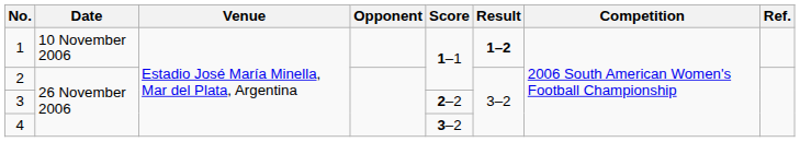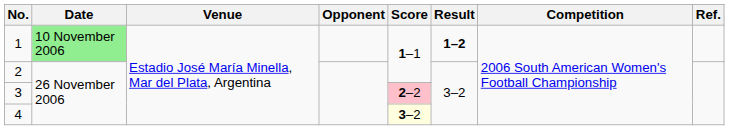 <table class="wikitable">
 <tr>
 <th>No.</th>
 <th>Date</th>
 <th>Venue</th>
 <th>Opponent</th>
 <th>Score</th>
 <th>Result</th>
 <th>Competition</th>
 <th>Ref.</th>
 </tr>
 <tr>
 <td style="text-align:center;">1</td>
-<td>10 November 2006</td>
+<td style="background: lightgreen;">10 November 2006</td>
 <td rowspan=4><a href='#'>Estadio José María Minella</a>, <a href='#'>Mar del Plata</a>, Argentina</td>
 <td></td>
 <td rowspan=2 style="text-align:center;"><strong>1</strong>–1</td>
 <td style="text-align:center;"><strong>1–2</strong></td>
 <td rowspan=4><a href='#'>2006 South American Women's Football Championship</a></td>
 <td></td>
 </tr>
 <tr>
 <td style="text-align:center;">2</td>
 <td rowspan=3>26 November 2006</td>
 <td rowspan=3></td>
 <td rowspan=3 style="text-align:center;">3–2</td>
 <td rowspan=3></td>
 </tr>
 <tr style="text-align:center;">
 <td>3</td>
-<td><strong>2</strong>–2</td>
+<td style="background: pink;"><strong>2</strong>–2</td>
 </tr>
 <tr style="text-align:center;">
 <td>4</td>
-<td><strong>3</strong>–2</td>
+<td style="background: lightyellow;"><strong>3</strong>–2</td>
 </tr>
 </table>
